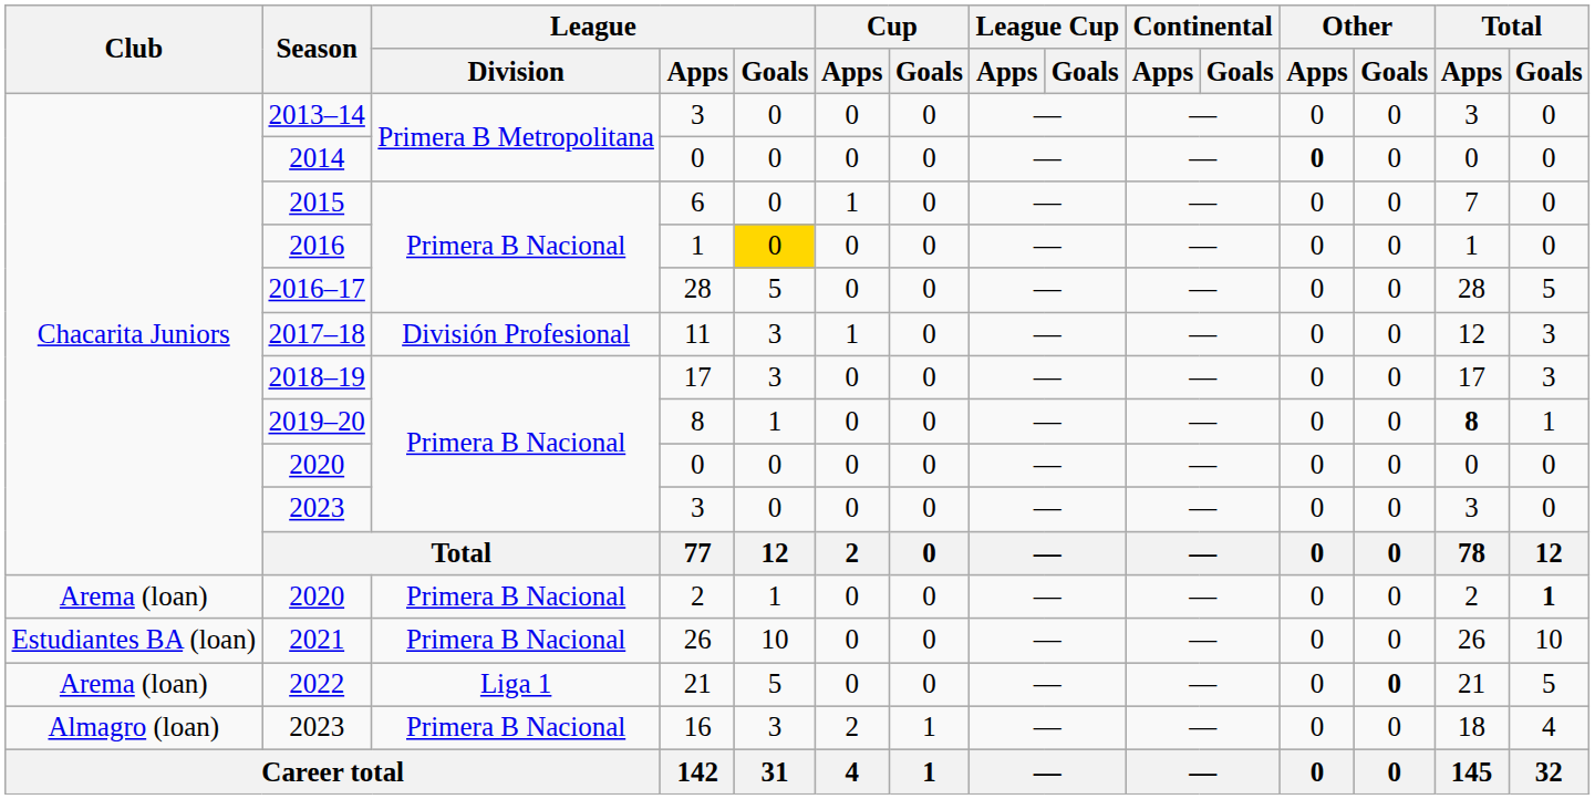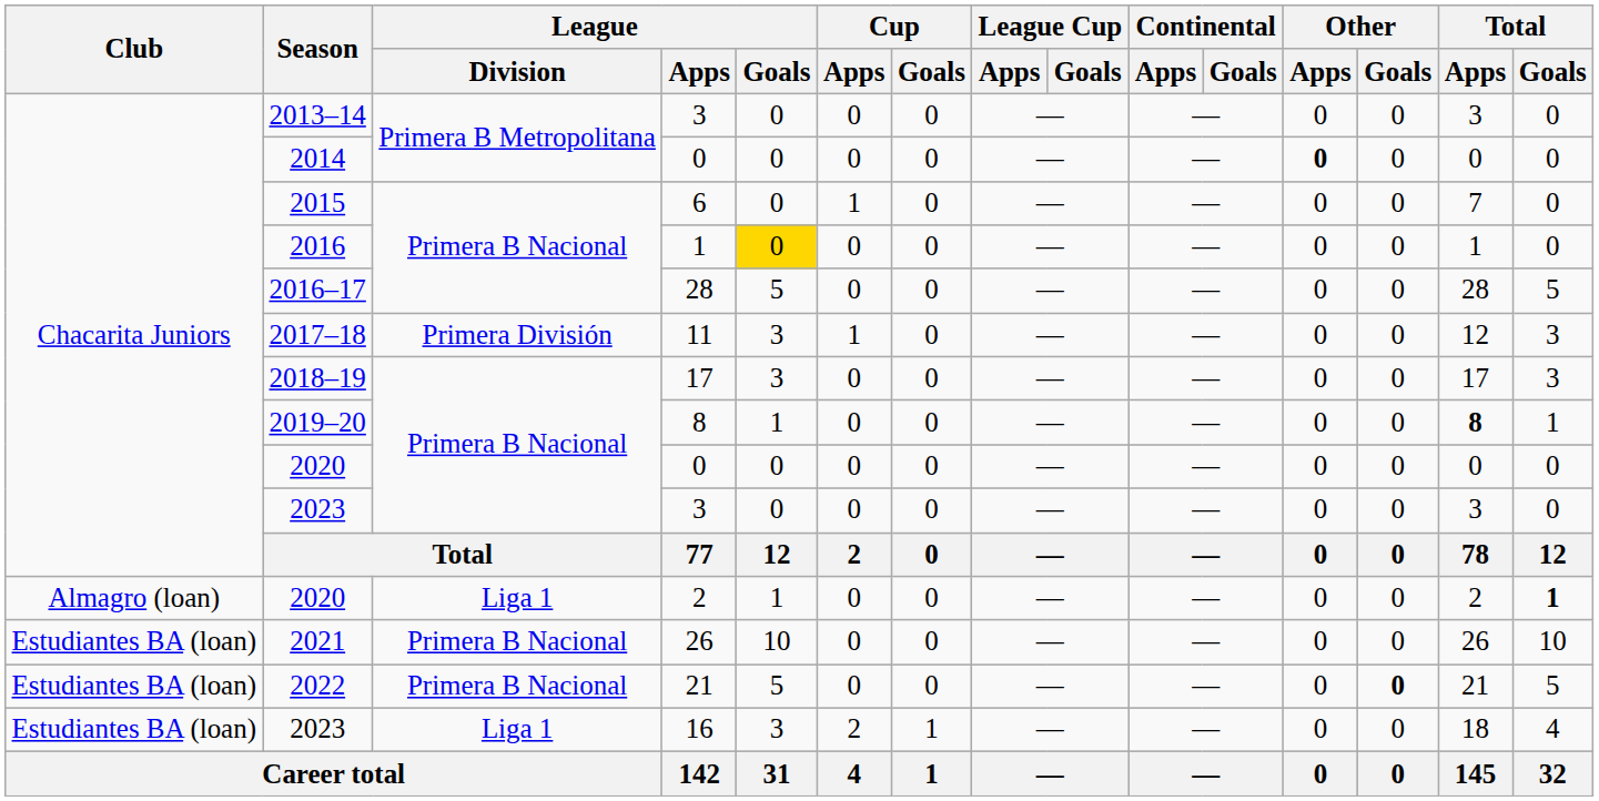 <table class="wikitable" style="text-align:center">
 <tr>
 <th rowspan="2">Club</th>
 <th rowspan="2">Season</th>
 <th colspan="3">League</th>
 <th colspan="2">Cup</th>
 <th colspan="2">League Cup</th>
 <th colspan="2">Continental</th>
 <th colspan="2">Other</th>
 <th colspan="2">Total</th>
 </tr>
 <tr>
 <th>Division</th>
 <th>Apps</th>
 <th>Goals</th>
 <th>Apps</th>
 <th>Goals</th>
 <th>Apps</th>
 <th>Goals</th>
 <th>Apps</th>
 <th>Goals</th>
 <th>Apps</th>
 <th>Goals</th>
 <th>Apps</th>
 <th>Goals</th>
 </tr>
 <tr>
 <td rowspan="11"><a href='#'>Chacarita Juniors</a></td>
 <td><a href='#'>2013–14</a></td>
 <td rowspan="2"><a href='#'>Primera B Metropolitana</a></td>
 <td>3</td>
 <td>0</td>
 <td>0</td>
 <td>0</td>
 <td colspan="2">—</td>
 <td colspan="2">—</td>
 <td>0</td>
 <td>0</td>
 <td>3</td>
 <td>0</td>
 </tr>
 <tr>
 <td><a href='#'>2014</a></td>
 <td>0</td>
 <td>0</td>
 <td>0</td>
 <td>0</td>
 <td colspan="2">—</td>
 <td colspan="2">—</td>
 <td><strong>0</strong></td>
 <td>0</td>
 <td>0</td>
 <td>0</td>
 </tr>
 <tr>
 <td><a href='#'>2015</a></td>
 <td rowspan="3"><a href='#'>Primera B Nacional</a></td>
 <td>6</td>
 <td>0</td>
 <td>1</td>
 <td>0</td>
 <td colspan="2">—</td>
 <td colspan="2">—</td>
 <td>0</td>
 <td>0</td>
 <td>7</td>
 <td>0</td>
 </tr>
 <tr>
 <td><a href='#'>2016</a></td>
 <td>1</td>
 <td style="background: gold;">0</td>
 <td>0</td>
 <td>0</td>
 <td colspan="2">—</td>
 <td colspan="2">—</td>
 <td>0</td>
 <td>0</td>
 <td>1</td>
 <td>0</td>
 </tr>
 <tr>
 <td><a href='#'>2016–17</a></td>
 <td>28</td>
 <td>5</td>
 <td>0</td>
 <td>0</td>
 <td colspan="2">—</td>
 <td colspan="2">—</td>
 <td>0</td>
 <td>0</td>
 <td>28</td>
 <td>5</td>
 </tr>
 <tr>
 <td><a href='#'>2017–18</a></td>
-<td rowspan="1"><a href='#'>División Profesional</a></td>
+<td rowspan="1"><a href='#'>Primera División</a></td>
 <td>11</td>
 <td>3</td>
 <td>1</td>
 <td>0</td>
 <td colspan="2">—</td>
 <td colspan="2">—</td>
 <td>0</td>
 <td>0</td>
 <td>12</td>
 <td>3</td>
 </tr>
 <tr>
 <td><a href='#'>2018–19</a></td>
 <td rowspan="4"><a href='#'>Primera B Nacional</a></td>
 <td>17</td>
 <td>3</td>
 <td>0</td>
 <td>0</td>
 <td colspan="2">—</td>
 <td colspan="2">—</td>
 <td>0</td>
 <td>0</td>
 <td>17</td>
 <td>3</td>
 </tr>
 <tr>
 <td><a href='#'>2019–20</a></td>
 <td>8</td>
 <td>1</td>
 <td>0</td>
 <td>0</td>
 <td colspan="2">—</td>
 <td colspan="2">—</td>
 <td>0</td>
 <td>0</td>
 <td><strong>8</strong></td>
 <td>1</td>
 </tr>
 <tr>
 <td><a href='#'>2020</a></td>
 <td>0</td>
 <td>0</td>
 <td>0</td>
 <td>0</td>
 <td colspan="2">—</td>
 <td colspan="2">—</td>
 <td>0</td>
 <td>0</td>
 <td>0</td>
 <td>0</td>
 </tr>
 <tr>
 <td><a href='#'>2023</a></td>
 <td>3</td>
 <td>0</td>
 <td>0</td>
 <td>0</td>
 <td colspan="2">—</td>
 <td colspan="2">—</td>
 <td>0</td>
 <td>0</td>
 <td>3</td>
 <td>0</td>
 </tr>
 <tr>
 <th colspan="2">Total</th>
 <th>77</th>
 <th>12</th>
 <th>2</th>
 <th>0</th>
 <th colspan="2">—</th>
 <th colspan="2">—</th>
 <th>0</th>
 <th>0</th>
 <th>78</th>
 <th>12</th>
 </tr>
 <tr>
-<td rowspan="1"><a href='#'>Arema</a> (loan)</td>
+<td rowspan="1"><a href='#'>Almagro</a> (loan)</td>
 <td><a href='#'>2020</a></td>
-<td rowspan="1"><a href='#'>Primera B Nacional</a></td>
+<td rowspan="1"><a href='#'>Liga 1</a></td>
 <td>2</td>
 <td>1</td>
 <td>0</td>
 <td>0</td>
 <td colspan="2">—</td>
 <td colspan="2">—</td>
 <td>0</td>
 <td>0</td>
 <td>2</td>
 <td><strong>1</strong></td>
 </tr>
 <tr>
 <td rowspan="1"><a href='#'>Estudiantes BA</a> (loan)</td>
 <td><a href='#'>2021</a></td>
 <td rowspan="1"><a href='#'>Primera B Nacional</a></td>
 <td>26</td>
 <td>10</td>
 <td>0</td>
 <td>0</td>
 <td colspan="2">—</td>
 <td colspan="2">—</td>
 <td>0</td>
 <td>0</td>
 <td>26</td>
 <td>10</td>
 </tr>
 <tr>
-<td rowspan="1"><a href='#'>Arema</a> (loan)</td>
+<td rowspan="1"><a href='#'>Estudiantes BA</a> (loan)</td>
 <td><a href='#'>2022</a></td>
-<td rowspan="1"><a href='#'>Liga 1</a></td>
+<td rowspan="1"><a href='#'>Primera B Nacional</a></td>
 <td>21</td>
 <td>5</td>
 <td>0</td>
 <td>0</td>
 <td colspan="2">—</td>
 <td colspan="2">—</td>
 <td>0</td>
 <td><strong>0</strong></td>
 <td>21</td>
 <td>5</td>
 </tr>
 <tr>
-<td rowspan="1"><a href='#'>Almagro</a> (loan)</td>
+<td rowspan="1"><a href='#'>Estudiantes BA</a> (loan)</td>
 <td>2023</td>
-<td rowspan="1"><a href='#'>Primera B Nacional</a></td>
+<td rowspan="1"><a href='#'>Liga 1</a></td>
 <td>16</td>
 <td>3</td>
 <td>2</td>
 <td>1</td>
 <td colspan="2">—</td>
 <td colspan="2">—</td>
 <td>0</td>
 <td>0</td>
 <td>18</td>
 <td>4</td>
 </tr>
 <tr>
 <th colspan="3">Career total</th>
 <th>142</th>
 <th>31</th>
 <th>4</th>
 <th>1</th>
 <th colspan="2">—</th>
 <th colspan="2">—</th>
 <th>0</th>
 <th>0</th>
 <th>145</th>
 <th>32</th>
 </tr>
 </table>
